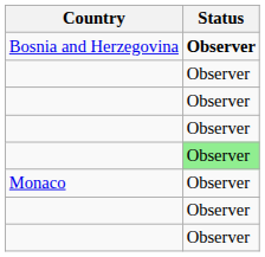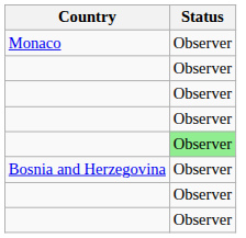 <table class="wikitable">
 <tr>
 <th>Country</th>
 <th>Status</th>
 </tr>
 <tr>
-<td> <a href='#'>Bosnia and Herzegovina</a></td>
-<td><strong>Observer</strong></td>
+<td> <a href='#'>Monaco</a></td>
+<td>Observer</td>
 </tr>
 <tr>
 <td></td>
 <td>Observer</td>
 </tr>
 <tr>
 <td></td>
 <td>Observer</td>
 </tr>
 <tr>
 <td></td>
 <td>Observer</td>
 </tr>
 <tr>
 <td></td>
 <td style="background: lightgreen;">Observer</td>
 </tr>
 <tr>
-<td> <a href='#'>Monaco</a></td>
+<td> <a href='#'>Bosnia and Herzegovina</a></td>
 <td>Observer</td>
 </tr>
 <tr>
 <td></td>
 <td>Observer</td>
 </tr>
 <tr>
 <td></td>
 <td>Observer</td>
 </tr>
 </table>
